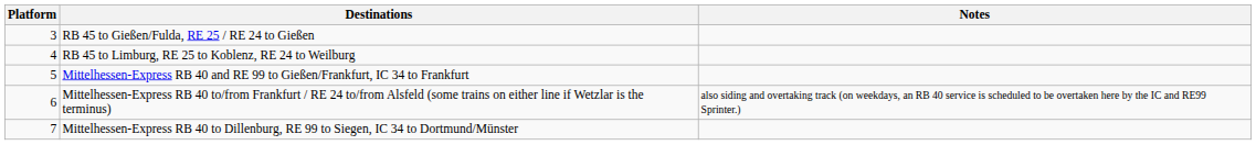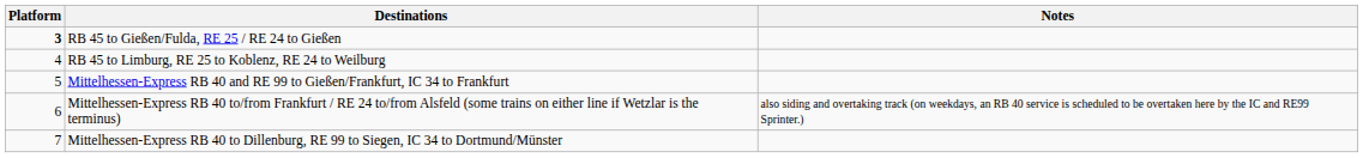 <table class="wikitable">
 <tr class="hintergrundfarbe5">
 <th>Platform</th>
 <th>Destinations</th>
 <th>Notes</th>
 </tr>
 <tr>
-<td align="right">3</td>
+<td align="right"><strong>3</strong></td>
 <td>RB 45 to Gießen/Fulda, <a href='#'>RE 25</a> / RE 24 to Gießen</td>
 <td></td>
 </tr>
 <tr>
 <td align="right">4</td>
 <td>RB 45 to Limburg, RE 25 to Koblenz, RE 24 to Weilburg</td>
 <td></td>
 </tr>
 <tr>
 <td align="right">5</td>
 <td><a href='#'>Mittelhessen-Express</a> RB 40 and RE 99 to Gießen/Frankfurt, IC 34 to Frankfurt</td>
 <td></td>
 </tr>
 <tr>
 <td align="right">6</td>
 <td>Mittelhessen-Express RB 40 to/from Frankfurt / RE 24 to/from Alsfeld (some trains on either line if Wetzlar is the terminus)</td>
 <td><small>also siding and overtaking track (on weekdays, an RB 40 service is scheduled to be overtaken here by the IC and RE99 Sprinter.)</small></td>
 </tr>
 <tr ||>
 <td align="right">7</td>
 <td>Mittelhessen-Express RB 40 to Dillenburg, RE 99 to Siegen, IC 34 to Dortmund/Münster</td>
 </tr>
 </table>
